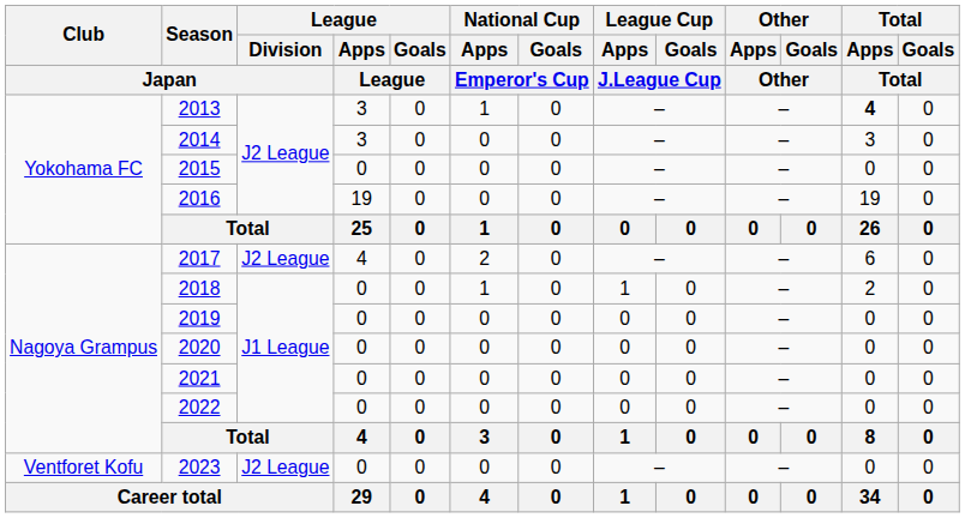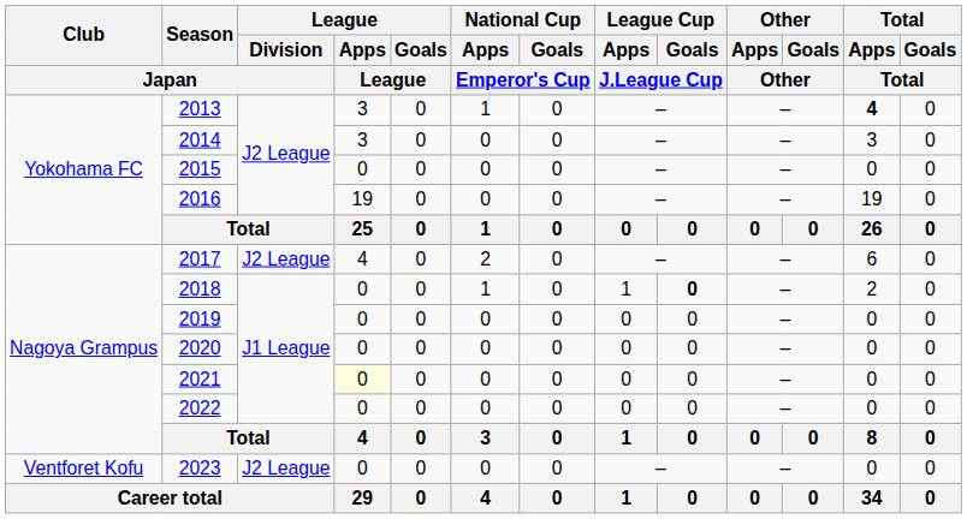 <table class="wikitable" style="text-align: center;">
 <tr>
 <th rowspan="2">Club</th>
 <th rowspan="2">Season</th>
 <th colspan="3">League</th>
 <th colspan="2">National Cup</th>
 <th colspan="2">League Cup</th>
 <th colspan="2">Other</th>
 <th colspan="2">Total</th>
 </tr>
 <tr>
 <th>Division</th>
 <th>Apps</th>
 <th>Goals</th>
 <th>Apps</th>
 <th>Goals</th>
 <th>Apps</th>
 <th>Goals</th>
 <th>Apps</th>
 <th>Goals</th>
 <th>Apps</th>
 <th>Goals</th>
 </tr>
 <tr>
 <th colspan=3>Japan</th>
 <th colspan=2>League</th>
 <th colspan=2><a href='#'>Emperor's Cup</a></th>
 <th colspan=2><a href='#'>J.League Cup</a></th>
 <th colspan=2>Other</th>
 <th colspan=2>Total</th>
 </tr>
 <tr>
 <td rowspan="5"><a href='#'>Yokohama FC</a></td>
 <td><a href='#'>2013</a></td>
 <td rowspan="4"><a href='#'>J2 League</a></td>
 <td>3</td>
 <td>0</td>
 <td>1</td>
 <td>0</td>
 <td colspan="2">–</td>
 <td colspan="2">–</td>
 <td><strong>4</strong></td>
 <td>0</td>
 </tr>
 <tr>
 <td><a href='#'>2014</a></td>
 <td>3</td>
 <td>0</td>
 <td>0</td>
 <td>0</td>
 <td colspan="2">–</td>
 <td colspan="2">–</td>
 <td>3</td>
 <td>0</td>
 </tr>
 <tr>
 <td><a href='#'>2015</a></td>
 <td>0</td>
 <td>0</td>
 <td>0</td>
 <td>0</td>
 <td colspan="2">–</td>
 <td colspan="2">–</td>
 <td>0</td>
 <td>0</td>
 </tr>
 <tr>
 <td><a href='#'>2016</a></td>
 <td>19</td>
 <td>0</td>
 <td>0</td>
 <td>0</td>
 <td colspan="2">–</td>
 <td colspan="2">–</td>
 <td>19</td>
 <td>0</td>
 </tr>
 <tr>
 <th colspan="2">Total</th>
 <th>25</th>
 <th>0</th>
 <th>1</th>
 <th>0</th>
 <th>0</th>
 <th>0</th>
 <th>0</th>
 <th>0</th>
 <th>26</th>
 <th>0</th>
 </tr>
 <tr>
 <td rowspan="7"><a href='#'>Nagoya Grampus</a></td>
 <td><a href='#'>2017</a></td>
 <td><a href='#'>J2 League</a></td>
 <td>4</td>
 <td>0</td>
 <td>2</td>
 <td>0</td>
 <td colspan="2">–</td>
 <td colspan="2">–</td>
 <td>6</td>
 <td>0</td>
 </tr>
 <tr>
 <td><a href='#'>2018</a></td>
 <td rowspan="5"><a href='#'>J1 League</a></td>
 <td>0</td>
 <td>0</td>
 <td>1</td>
 <td>0</td>
 <td>1</td>
-<td>0</td>
+<td><strong>0</strong></td>
 <td colspan="2">–</td>
 <td>2</td>
 <td>0</td>
 </tr>
 <tr>
 <td><a href='#'>2019</a></td>
 <td>0</td>
 <td>0</td>
 <td>0</td>
 <td>0</td>
 <td>0</td>
 <td>0</td>
 <td colspan="2">–</td>
 <td>0</td>
 <td>0</td>
 </tr>
 <tr>
 <td><a href='#'>2020</a></td>
 <td>0</td>
 <td>0</td>
 <td>0</td>
 <td>0</td>
 <td>0</td>
 <td>0</td>
 <td colspan="2">–</td>
 <td>0</td>
 <td>0</td>
 </tr>
 <tr>
 <td><a href='#'>2021</a></td>
-<td>0</td>
+<td style="background: lightyellow;">0</td>
 <td>0</td>
 <td>0</td>
 <td>0</td>
 <td>0</td>
 <td>0</td>
 <td colspan="2">–</td>
 <td>0</td>
 <td>0</td>
 </tr>
 <tr>
 <td><a href='#'>2022</a></td>
 <td>0</td>
 <td>0</td>
 <td>0</td>
 <td>0</td>
 <td>0</td>
 <td>0</td>
 <td colspan="2">–</td>
 <td>0</td>
 <td>0</td>
 </tr>
 <tr>
 <th colspan="2">Total</th>
 <th>4</th>
 <th>0</th>
 <th>3</th>
 <th>0</th>
 <th>1</th>
 <th>0</th>
 <th>0</th>
 <th>0</th>
 <th>8</th>
 <th>0</th>
 </tr>
 <tr>
 <td><a href='#'>Ventforet Kofu</a></td>
 <td><a href='#'>2023</a></td>
 <td><a href='#'>J2 League</a></td>
 <td>0</td>
 <td>0</td>
 <td>0</td>
 <td>0</td>
 <td colspan="2">–</td>
 <td colspan="2">–</td>
 <td>0</td>
 <td>0</td>
 </tr>
 <tr>
 <th colspan="3">Career total</th>
 <th>29</th>
 <th>0</th>
 <th>4</th>
 <th>0</th>
 <th>1</th>
 <th>0</th>
 <th>0</th>
 <th>0</th>
 <th>34</th>
 <th>0</th>
 </tr>
 </table>
